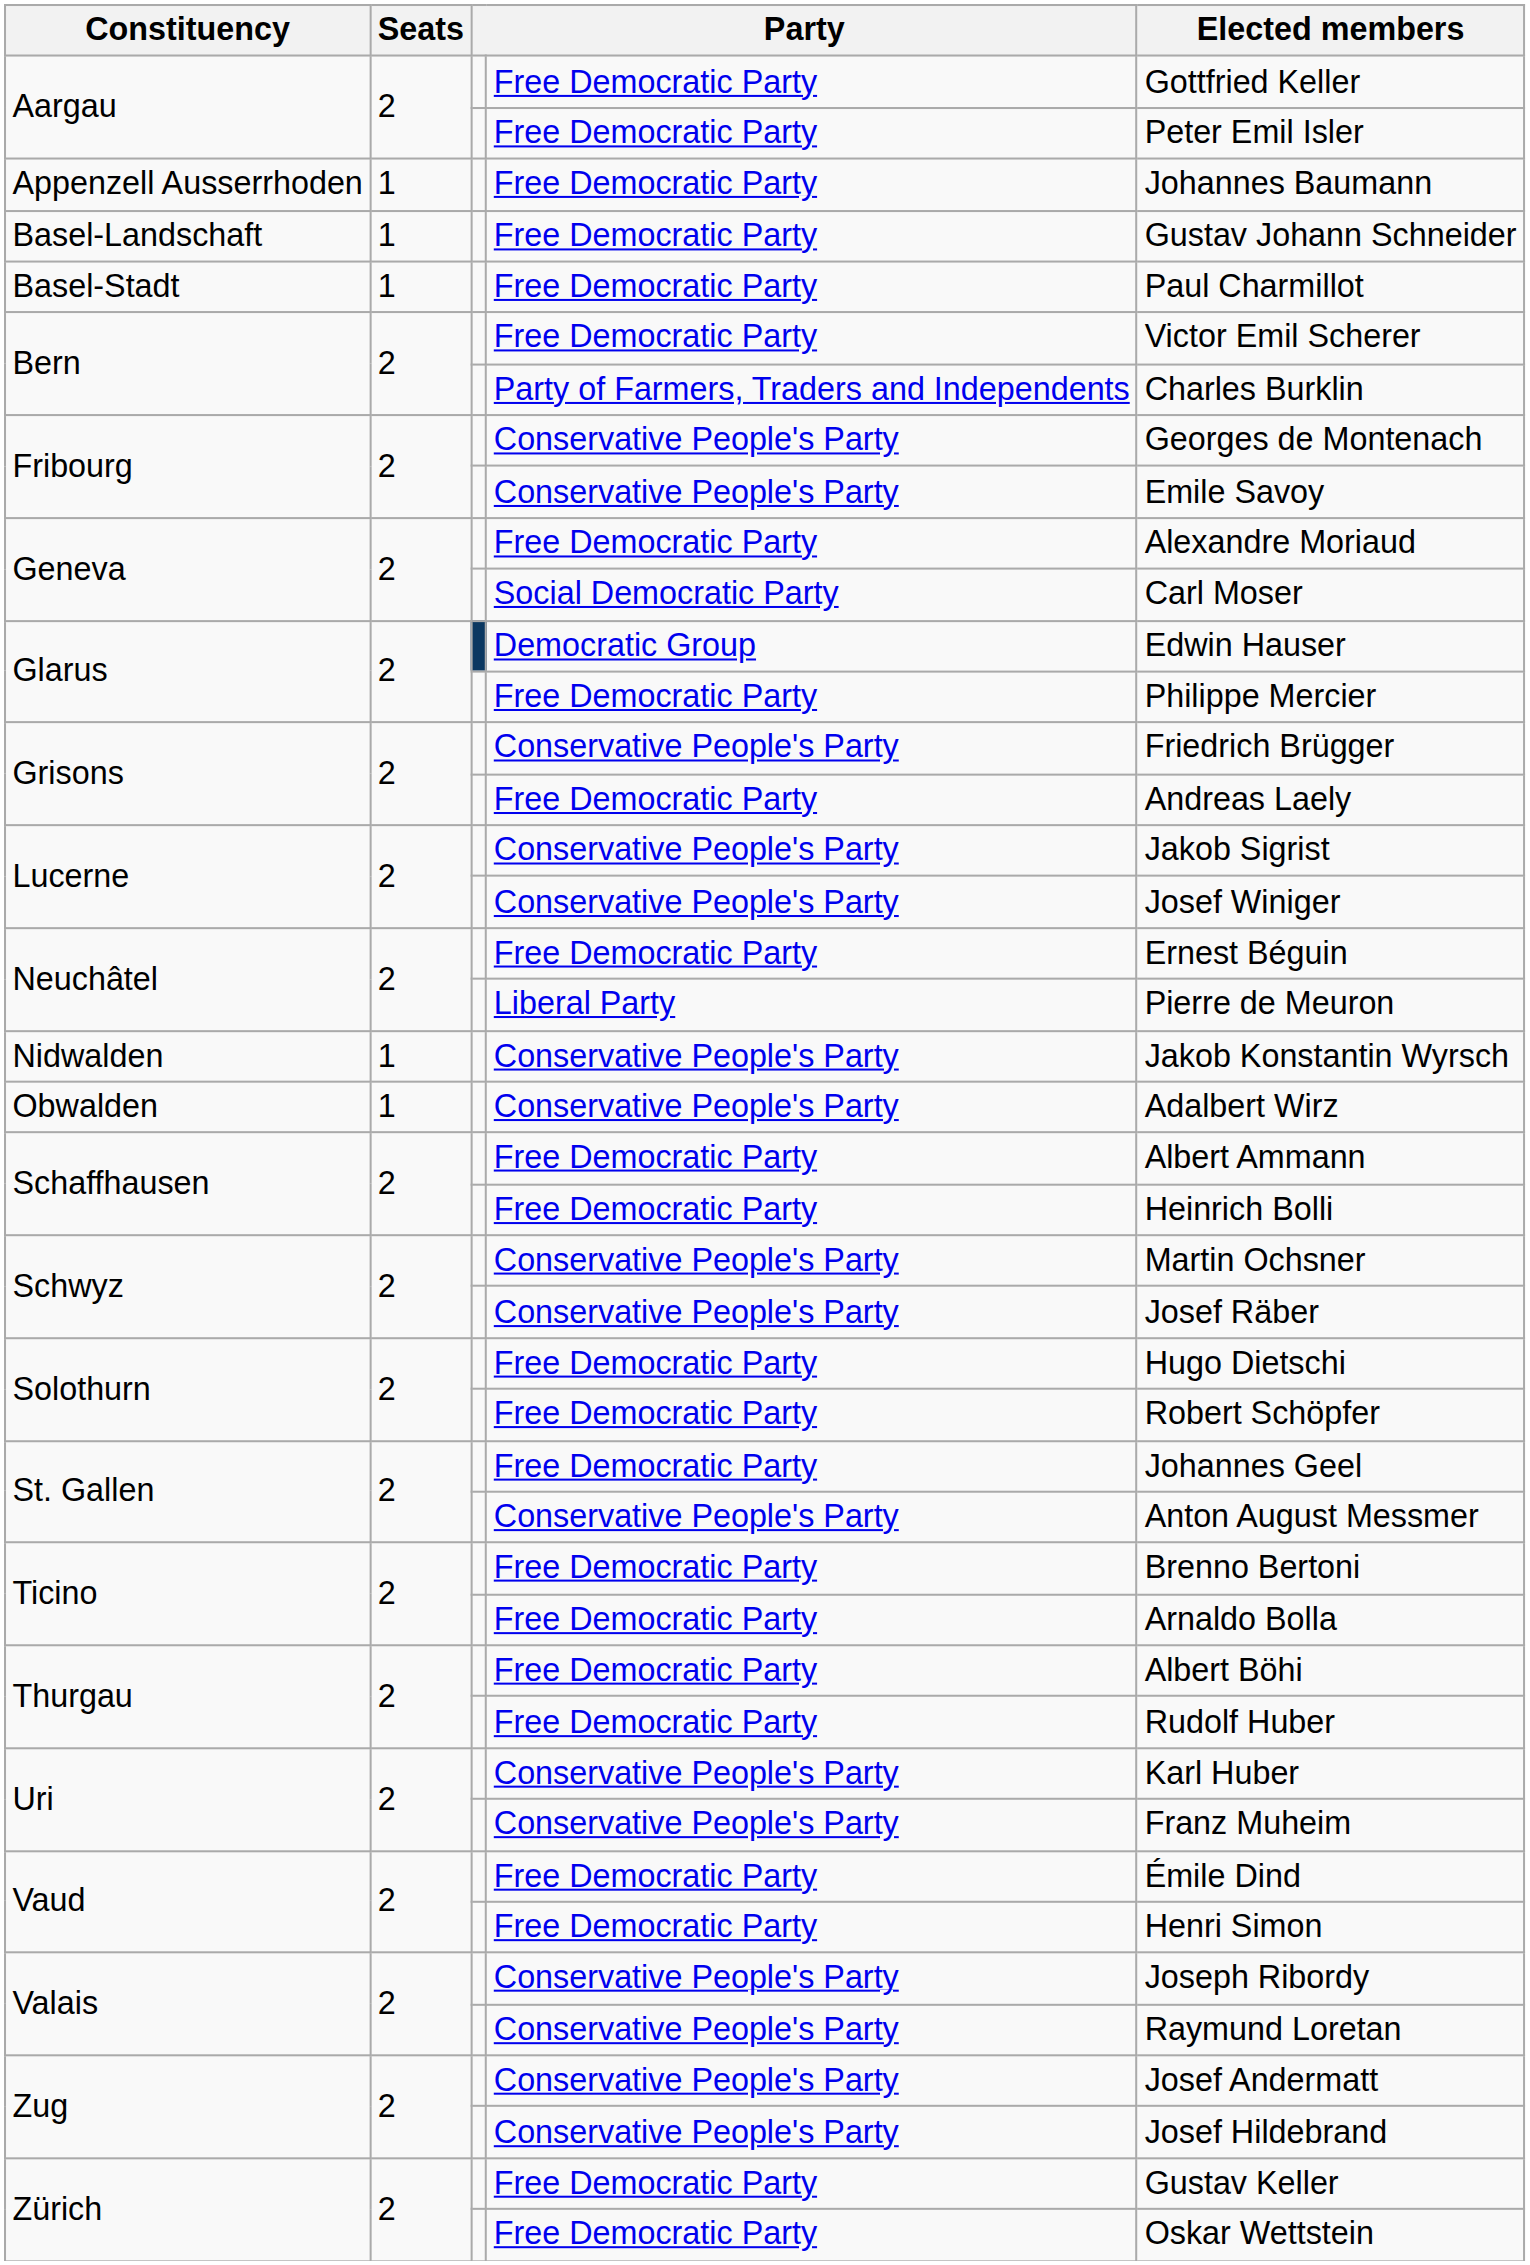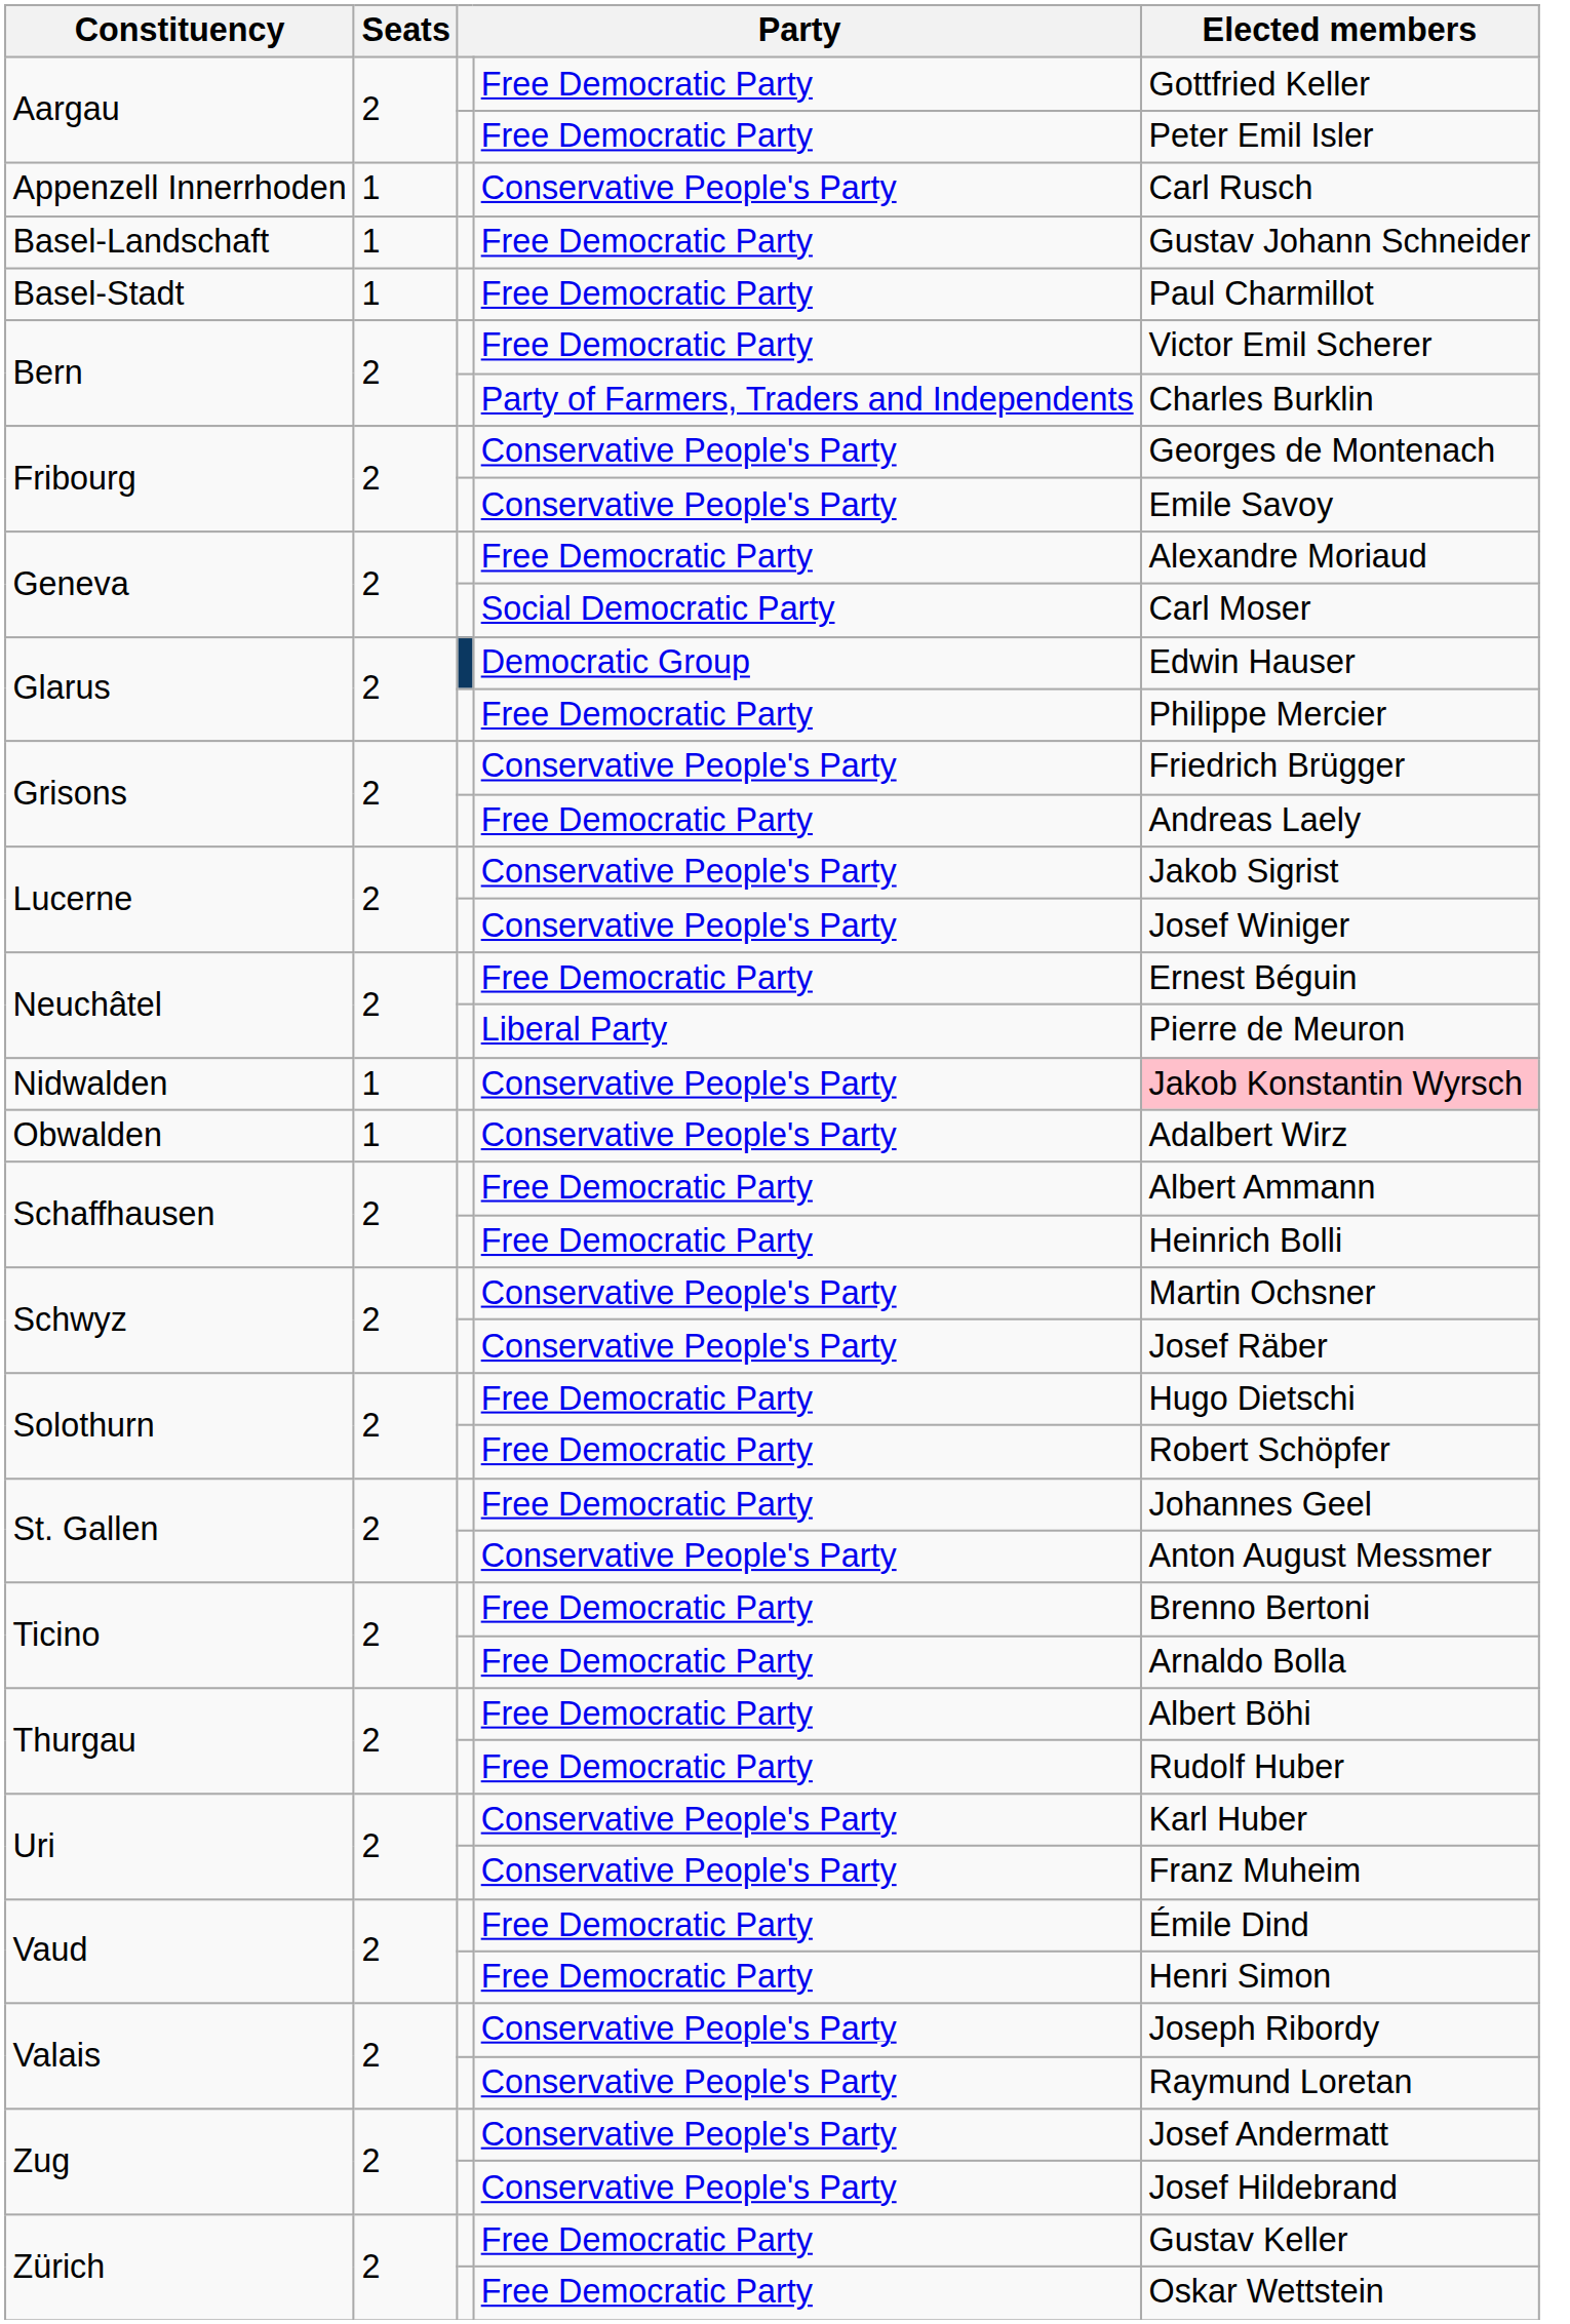 <table class="wikitable">
 <tr>
 <th>Constituency</th>
 <th>Seats</th>
 <th colspan="2">Party</th>
 <th>Elected members</th>
 </tr>
 <tr>
 <td rowspan="2">Aargau</td>
 <td rowspan="2">2</td>
 <td style="color:inherit;background:"></td>
 <td><a href='#'>Free Democratic Party</a></td>
 <td>Gottfried Keller</td>
 </tr>
 <tr>
 <td style="color:inherit;background:"></td>
 <td><a href='#'>Free Democratic Party</a></td>
 <td>Peter Emil Isler</td>
 </tr>
 <tr>
-<td>Appenzell Ausserrhoden</td>
+<td>Appenzell Innerrhoden</td>
 <td>1</td>
 <td style="color:inherit;background:"></td>
-<td><a href='#'>Free Democratic Party</a></td>
-<td>Johannes Baumann</td>
+<td><a href='#'>Conservative People's Party</a></td>
+<td>Carl Rusch</td>
 </tr>
 <tr>
 <td>Basel-Landschaft</td>
 <td>1</td>
 <td style="color:inherit;background:"></td>
 <td><a href='#'>Free Democratic Party</a></td>
 <td>Gustav Johann Schneider</td>
 </tr>
 <tr>
 <td>Basel-Stadt</td>
 <td>1</td>
 <td style="color:inherit;background:"></td>
 <td><a href='#'>Free Democratic Party</a></td>
 <td>Paul Charmillot</td>
 </tr>
 <tr>
 <td rowspan="2">Bern</td>
 <td rowspan="2">2</td>
 <td style="color:inherit;background:"></td>
 <td><a href='#'>Free Democratic Party</a></td>
 <td>Victor Emil Scherer</td>
 </tr>
 <tr>
 <td style="color:inherit;background:"></td>
 <td><a href='#'>Party of Farmers, Traders and Independents</a></td>
 <td>Charles Burklin</td>
 </tr>
 <tr>
 <td rowspan="2">Fribourg</td>
 <td rowspan="2">2</td>
 <td style="color:inherit;background:"></td>
 <td><a href='#'>Conservative People's Party</a></td>
 <td>Georges de Montenach</td>
 </tr>
 <tr>
 <td style="color:inherit;background:"></td>
 <td><a href='#'>Conservative People's Party</a></td>
 <td>Emile Savoy</td>
 </tr>
 <tr>
 <td rowspan="2">Geneva</td>
 <td rowspan="2">2</td>
 <td style="color:inherit;background:"></td>
 <td><a href='#'>Free Democratic Party</a></td>
 <td>Alexandre Moriaud</td>
 </tr>
 <tr>
 <td style="color:inherit;background:"></td>
 <td><a href='#'>Social Democratic Party</a></td>
 <td>Carl Moser</td>
 </tr>
 <tr>
 <td rowspan="2">Glarus</td>
 <td rowspan="2">2</td>
 <td style="color:inherit;background:#0B3861"></td>
 <td><a href='#'>Democratic Group</a></td>
 <td>Edwin Hauser</td>
 </tr>
 <tr>
 <td style="color:inherit;background:"></td>
 <td><a href='#'>Free Democratic Party</a></td>
 <td>Philippe Mercier</td>
 </tr>
 <tr>
 <td rowspan="2">Grisons</td>
 <td rowspan="2">2</td>
 <td style="color:inherit;background:"></td>
 <td><a href='#'>Conservative People's Party</a></td>
 <td>Friedrich Brügger</td>
 </tr>
 <tr>
 <td style="color:inherit;background:"></td>
 <td><a href='#'>Free Democratic Party</a></td>
 <td>Andreas Laely</td>
 </tr>
 <tr>
 <td rowspan="2">Lucerne</td>
 <td rowspan="2">2</td>
 <td style="color:inherit;background:"></td>
 <td><a href='#'>Conservative People's Party</a></td>
 <td>Jakob Sigrist</td>
 </tr>
 <tr>
 <td style="color:inherit;background:"></td>
 <td><a href='#'>Conservative People's Party</a></td>
 <td>Josef Winiger</td>
 </tr>
 <tr>
 <td rowspan="2">Neuchâtel</td>
 <td rowspan="2">2</td>
 <td style="color:inherit;background:"></td>
 <td><a href='#'>Free Democratic Party</a></td>
 <td>Ernest Béguin</td>
 </tr>
 <tr>
 <td style="color:inherit;background:"></td>
 <td><a href='#'>Liberal Party</a></td>
 <td>Pierre de Meuron</td>
 </tr>
 <tr>
 <td>Nidwalden</td>
 <td>1</td>
 <td style="color:inherit;background:"></td>
 <td><a href='#'>Conservative People's Party</a></td>
-<td>Jakob Konstantin Wyrsch</td>
+<td style="background: pink;">Jakob Konstantin Wyrsch</td>
 </tr>
 <tr>
 <td>Obwalden</td>
 <td>1</td>
 <td style="color:inherit;background:"></td>
 <td><a href='#'>Conservative People's Party</a></td>
 <td>Adalbert Wirz</td>
 </tr>
 <tr>
 <td rowspan="2">Schaffhausen</td>
 <td rowspan="2">2</td>
 <td style="color:inherit;background:"></td>
 <td><a href='#'>Free Democratic Party</a></td>
 <td>Albert Ammann</td>
 </tr>
 <tr>
 <td style="color:inherit;background:"></td>
 <td><a href='#'>Free Democratic Party</a></td>
 <td>Heinrich Bolli</td>
 </tr>
 <tr>
 <td rowspan="2">Schwyz</td>
 <td rowspan="2">2</td>
 <td style="color:inherit;background:"></td>
 <td><a href='#'>Conservative People's Party</a></td>
 <td>Martin Ochsner</td>
 </tr>
 <tr>
 <td style="color:inherit;background:"></td>
 <td><a href='#'>Conservative People's Party</a></td>
 <td>Josef Räber</td>
 </tr>
 <tr>
 <td rowspan="2">Solothurn</td>
 <td rowspan="2">2</td>
 <td style="color:inherit;background:"></td>
 <td><a href='#'>Free Democratic Party</a></td>
 <td>Hugo Dietschi</td>
 </tr>
 <tr>
 <td style="color:inherit;background:"></td>
 <td><a href='#'>Free Democratic Party</a></td>
 <td>Robert Schöpfer</td>
 </tr>
 <tr>
 <td rowspan="2">St. Gallen</td>
 <td rowspan="2">2</td>
 <td style="color:inherit;background:"></td>
 <td><a href='#'>Free Democratic Party</a></td>
 <td>Johannes Geel</td>
 </tr>
 <tr>
 <td style="color:inherit;background:"></td>
 <td><a href='#'>Conservative People's Party</a></td>
 <td>Anton August Messmer</td>
 </tr>
 <tr>
 <td rowspan="2">Ticino</td>
 <td rowspan="2">2</td>
 <td style="color:inherit;background:"></td>
 <td><a href='#'>Free Democratic Party</a></td>
 <td>Brenno Bertoni</td>
 </tr>
 <tr>
 <td style="color:inherit;background:"></td>
 <td><a href='#'>Free Democratic Party</a></td>
 <td>Arnaldo Bolla</td>
 </tr>
 <tr>
 <td rowspan="2">Thurgau</td>
 <td rowspan="2">2</td>
 <td style="color:inherit;background:"></td>
 <td><a href='#'>Free Democratic Party</a></td>
 <td>Albert Böhi</td>
 </tr>
 <tr>
 <td style="color:inherit;background:"></td>
 <td><a href='#'>Free Democratic Party</a></td>
 <td>Rudolf Huber</td>
 </tr>
 <tr>
 <td rowspan="2">Uri</td>
 <td rowspan="2">2</td>
 <td style="color:inherit;background:"></td>
 <td><a href='#'>Conservative People's Party</a></td>
 <td>Karl Huber</td>
 </tr>
 <tr>
 <td style="color:inherit;background:"></td>
 <td><a href='#'>Conservative People's Party</a></td>
 <td>Franz Muheim</td>
 </tr>
 <tr>
 <td rowspan="2">Vaud</td>
 <td rowspan="2">2</td>
 <td style="color:inherit;background:"></td>
 <td><a href='#'>Free Democratic Party</a></td>
 <td>Émile Dind</td>
 </tr>
 <tr>
 <td style="color:inherit;background:"></td>
 <td><a href='#'>Free Democratic Party</a></td>
 <td>Henri Simon</td>
 </tr>
 <tr>
 <td rowspan="2">Valais</td>
 <td rowspan="2">2</td>
 <td style="color:inherit;background:"></td>
 <td><a href='#'>Conservative People's Party</a></td>
 <td>Joseph Ribordy</td>
 </tr>
 <tr>
 <td style="color:inherit;background:"></td>
 <td><a href='#'>Conservative People's Party</a></td>
 <td>Raymund Loretan</td>
 </tr>
 <tr>
 <td rowspan="2">Zug</td>
 <td rowspan="2">2</td>
 <td style="color:inherit;background:"></td>
 <td><a href='#'>Conservative People's Party</a></td>
 <td>Josef Andermatt</td>
 </tr>
 <tr>
 <td style="color:inherit;background:"></td>
 <td><a href='#'>Conservative People's Party</a></td>
 <td>Josef Hildebrand</td>
 </tr>
 <tr>
 <td rowspan="2">Zürich</td>
 <td rowspan="2">2</td>
 <td style="color:inherit;background:"></td>
 <td><a href='#'>Free Democratic Party</a></td>
 <td>Gustav Keller</td>
 </tr>
 <tr>
 <td style="color:inherit;background:"></td>
 <td><a href='#'>Free Democratic Party</a></td>
 <td>Oskar Wettstein</td>
 </tr>
 </table>
